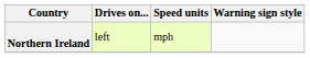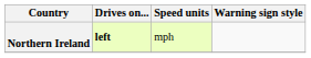 <table class="wikitable">
 <tr>
 <th>Country</th>
 <th>Drives on...</th>
 <th>Speed units</th>
 <th>Warning sign style</th>
 </tr>
 <tr>
 <th><br>Northern Ireland</th>
-<td style="background: #ECFFC0;">left</td>
+<td style="background: #ECFFC0;"><strong>left</strong></td>
 <td style="background: #ECFFC0;">mph</td>
 <td style="text-align:center;"></td>
 </tr>
 <tr>
 </tr>
 </table>
